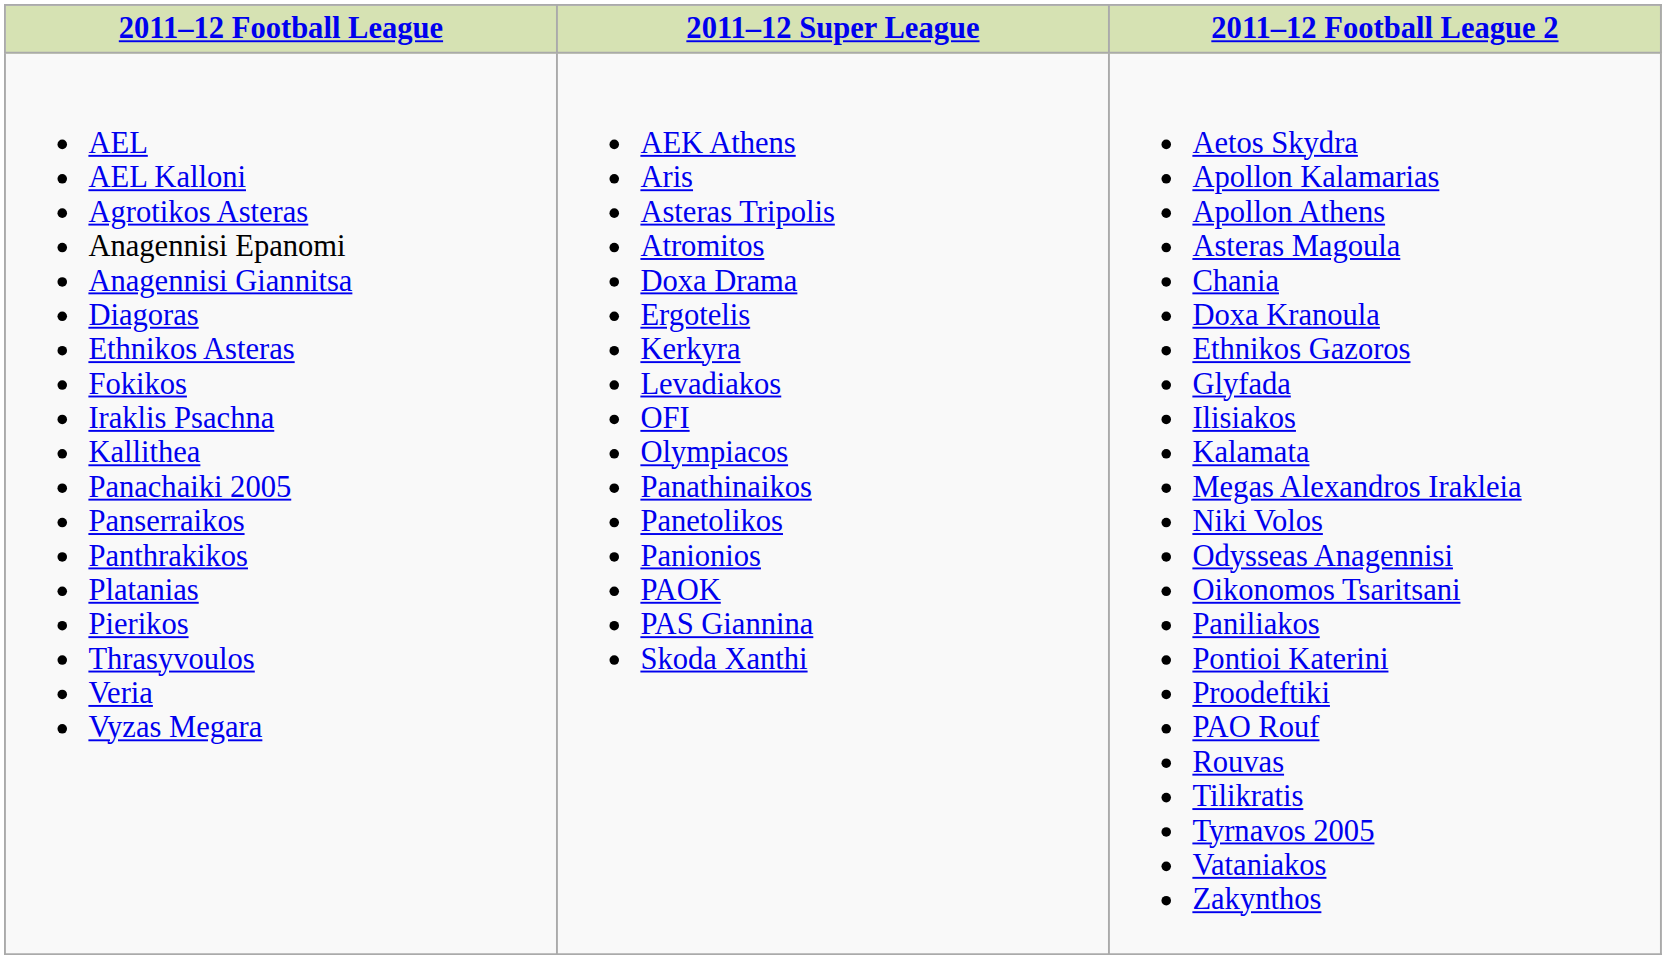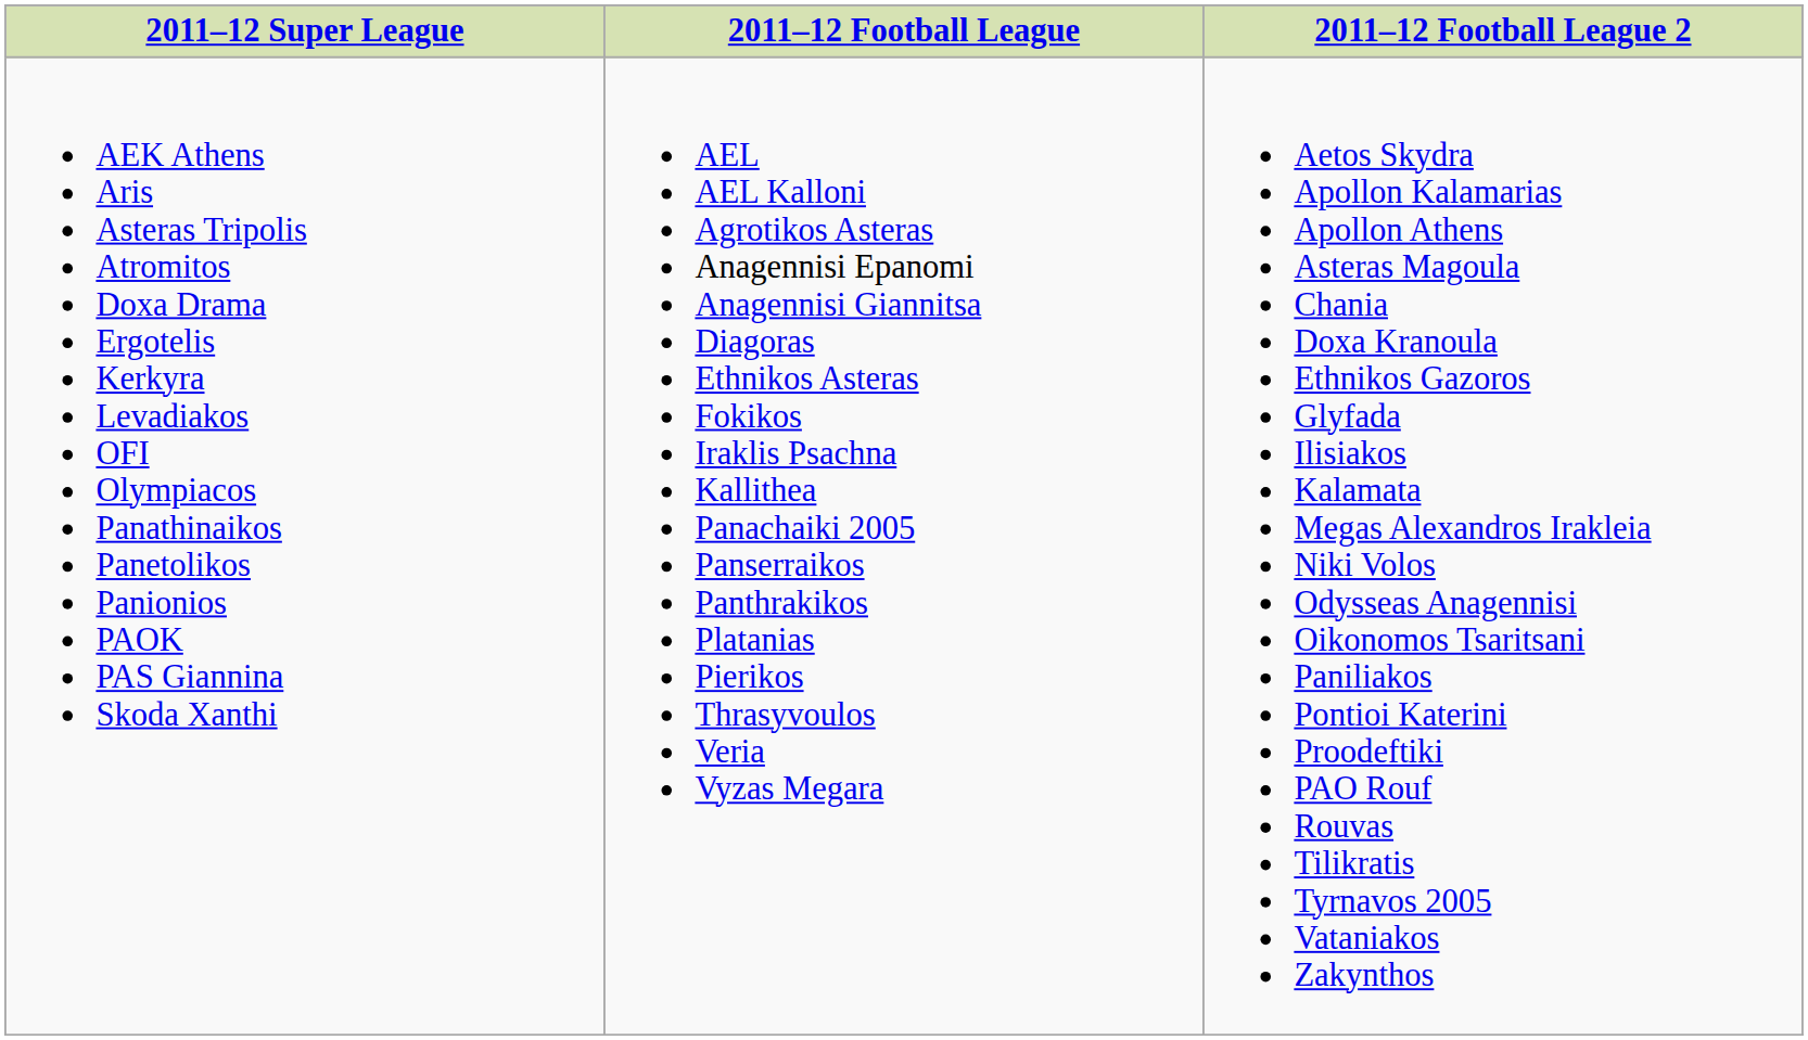 <table class="wikitable">
 <tr valign="top" bgcolor="#D6E2B3">
+<td align="center" width="25%"><strong><a href='#'>2011–12 Super League</a></strong></td>
 <td align="center" width="25%"><strong><a href='#'>2011–12 Football League</a></strong></td>
-<td align="center" width="25%"><strong><a href='#'>2011–12 Super League</a></strong></td>
 <td align="center" width="25%"><strong><a href='#'>2011–12 Football League 2</a></strong></td>
 </tr>
 <tr valign="top">
+<td><br><ul><li><a href='#'>AEK Athens</a></li><li><a href='#'>Aris</a></li><li><a href='#'>Asteras Tripolis</a></li><li><a href='#'>Atromitos</a></li><li><a href='#'>Doxa Drama</a></li><li><a href='#'>Ergotelis</a></li><li><a href='#'>Kerkyra</a></li><li><a href='#'>Levadiakos</a></li><li><a href='#'>OFI</a></li><li><a href='#'>Olympiacos</a></li><li><a href='#'>Panathinaikos</a></li><li><a href='#'>Panetolikos</a></li><li><a href='#'>Panionios</a></li><li><a href='#'>PAOK</a></li><li><a href='#'>PAS Giannina</a></li><li><a href='#'>Skoda Xanthi</a></li></ul></td>
 <td><br><ul><li><a href='#'>AEL</a></li><li><a href='#'>AEL Kalloni</a></li><li><a href='#'>Agrotikos Asteras</a></li><li>Anagennisi Epanomi</li><li><a href='#'>Anagennisi Giannitsa</a></li><li><a href='#'>Diagoras</a></li><li><a href='#'>Ethnikos Asteras</a></li><li><a href='#'>Fokikos</a></li><li><a href='#'>Iraklis Psachna</a></li><li><a href='#'>Kallithea</a></li><li><a href='#'>Panachaiki 2005</a></li><li><a href='#'>Panserraikos</a></li><li><a href='#'>Panthrakikos</a></li><li><a href='#'>Platanias</a></li><li><a href='#'>Pierikos</a></li><li><a href='#'>Thrasyvoulos</a></li><li><a href='#'>Veria</a></li><li><a href='#'>Vyzas Megara</a></li></ul></td>
-<td><br><ul><li><a href='#'>AEK Athens</a></li><li><a href='#'>Aris</a></li><li><a href='#'>Asteras Tripolis</a></li><li><a href='#'>Atromitos</a></li><li><a href='#'>Doxa Drama</a></li><li><a href='#'>Ergotelis</a></li><li><a href='#'>Kerkyra</a></li><li><a href='#'>Levadiakos</a></li><li><a href='#'>OFI</a></li><li><a href='#'>Olympiacos</a></li><li><a href='#'>Panathinaikos</a></li><li><a href='#'>Panetolikos</a></li><li><a href='#'>Panionios</a></li><li><a href='#'>PAOK</a></li><li><a href='#'>PAS Giannina</a></li><li><a href='#'>Skoda Xanthi</a></li></ul></td>
 <td><br><ul><li><a href='#'>Aetos Skydra</a></li><li><a href='#'>Apollon Kalamarias</a></li><li><a href='#'>Apollon Athens</a></li><li><a href='#'>Asteras Magoula</a></li><li><a href='#'>Chania</a></li><li><a href='#'>Doxa Kranoula</a></li><li><a href='#'>Ethnikos Gazoros</a></li><li><a href='#'>Glyfada</a></li><li><a href='#'>Ilisiakos</a></li><li><a href='#'>Kalamata</a></li><li><a href='#'>Megas Alexandros Irakleia</a></li><li><a href='#'>Niki Volos</a></li><li><a href='#'>Odysseas Anagennisi</a></li><li><a href='#'>Oikonomos Tsaritsani</a></li><li><a href='#'>Paniliakos</a></li><li><a href='#'>Pontioi Katerini</a></li><li><a href='#'>Proodeftiki</a></li><li><a href='#'>PAO Rouf</a></li><li><a href='#'>Rouvas</a></li><li><a href='#'>Tilikratis</a></li><li><a href='#'>Tyrnavos 2005</a></li><li><a href='#'>Vataniakos</a></li><li><a href='#'>Zakynthos</a></li></ul></td>
 </tr>
 </table>
